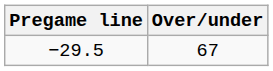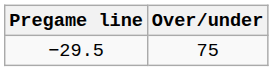 <table class="wikitable" style="margin-left: auto; margin-right: auto; border: none; display: inline-table;">
 <tr align="center">
 <th style=>Pregame line</th>
 <th style=>Over/under</th>
 </tr>
 <tr align="center">
 <td>−29.5</td>
-<td>67</td>
+<td>75</td>
 </tr>
 </table>
